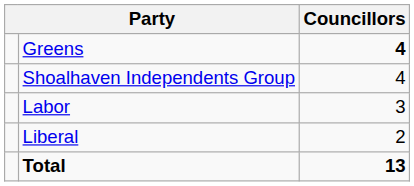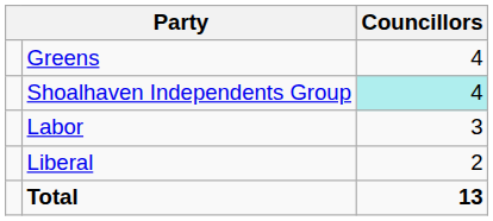 <table class="wikitable">
 <tr>
 <th colspan="2">Party</th>
 <th>Councillors</th>
 </tr>
 <tr>
 <td> </td>
 <td><a href='#'>Greens</a></td>
-<td align=right><strong>4</strong></td>
+<td align=right>4</td>
 </tr>
 <tr>
 <td> </td>
 <td><a href='#'>Shoalhaven Independents Group</a></td>
-<td align=right>4</td>
+<td align=right style="background: paleturquoise;">4</td>
 </tr>
 <tr>
 <td> </td>
 <td><a href='#'>Labor</a></td>
 <td align=right>3</td>
 </tr>
 <tr>
 <td> </td>
 <td><a href='#'>Liberal</a></td>
 <td align=right>2</td>
 </tr>
 <tr>
 <td></td>
 <td><strong>Total</strong></td>
 <td align=right><strong>13</strong></td>
 </tr>
 </table>
